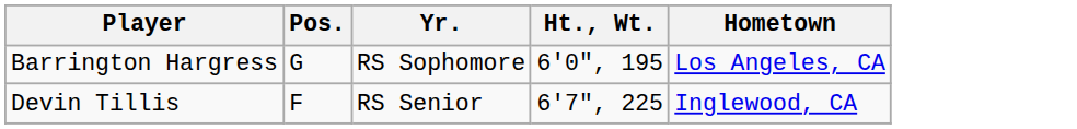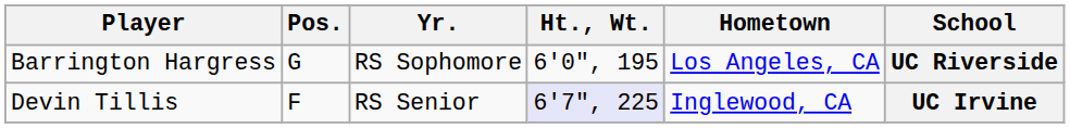 <table class="wikitable" style="white-space:nowrap; font-size:90%;">
 <tr>
 <th>Player</th>
 <th>Pos.</th>
 <th>Yr.</th>
 <th>Ht., Wt.</th>
 <th>Hometown</th>
+<th>School</th>
 </tr>
 <tr>
 <td>Barrington Hargress</td>
 <td>G</td>
 <td>RS Sophomore</td>
 <td>6'0", 195</td>
 <td><a href='#'>Los Angeles, CA</a></td>
+<th>UC Riverside</th>
 </tr>
 <tr>
 <td>Devin Tillis</td>
 <td>F</td>
 <td>RS Senior</td>
-<td>6'7", 225</td>
+<td style="background: lavender;">6'7", 225</td>
 <td><a href='#'>Inglewood, CA</a></td>
+<th>UC Irvine</th>
 </tr>
 </table>
